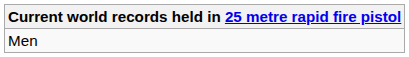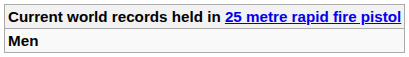 <table class="wikitable" style="font-size: 95%">
 <tr>
 <th colspan=9>Current world records held in <a href='#'>25 metre rapid fire pistol</a></th>
 </tr>
 <tr>
-<td>Men<br></td>
+<td><strong>Men<br></strong></td>
 </tr>
 </table>
